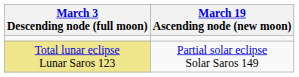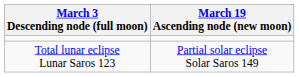 <table class="wikitable">
 <tr>
 <th><a href='#'>March 3</a><br>Descending node (full moon)<br></th>
 <th><a href='#'>March 19</a><br>Ascending node (new moon)<br></th>
 </tr>
 <tr>
 <td></td>
 <td></td>
 </tr>
 <tr align=center>
-<td style="background: khaki;"><a href='#'>Total lunar eclipse</a><br>Lunar Saros 123</td>
+<td><a href='#'>Total lunar eclipse</a><br>Lunar Saros 123</td>
 <td><a href='#'>Partial solar eclipse</a><br>Solar Saros 149</td>
 </tr>
 </table>
